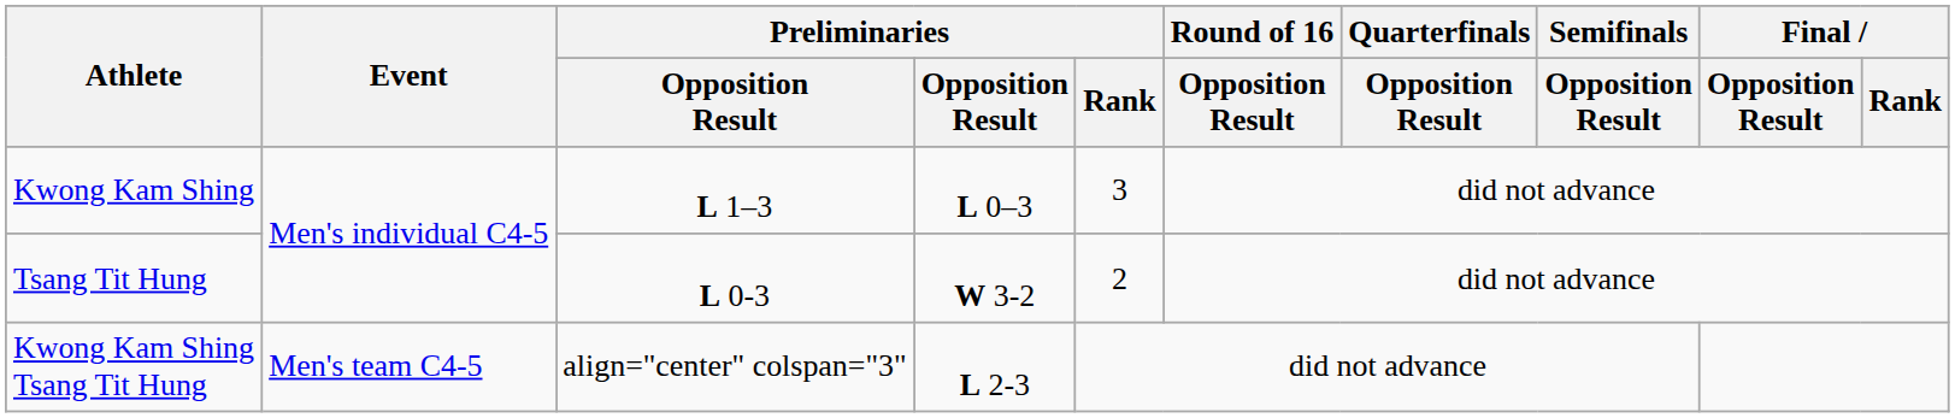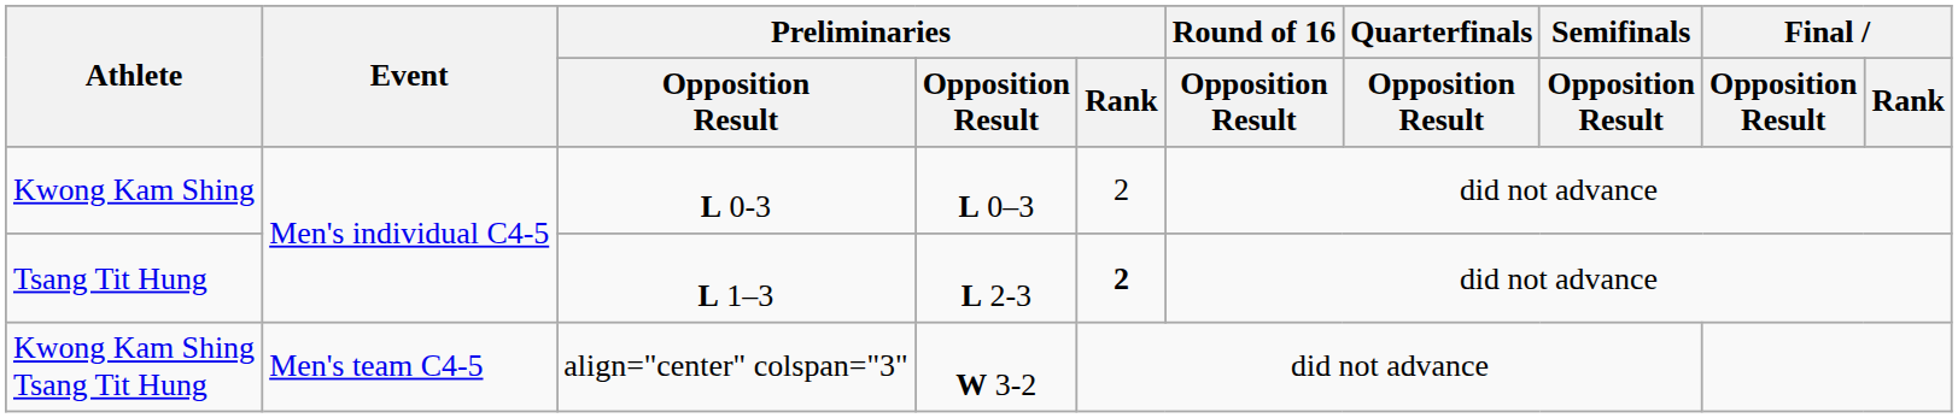 <table class=wikitable style="font-size:90%">
 <tr>
 <th rowspan="2">Athlete</th>
 <th rowspan="2">Event</th>
 <th colspan="3">Preliminaries</th>
 <th>Round of 16</th>
 <th>Quarterfinals</th>
 <th>Semifinals</th>
 <th colspan="2">Final / </th>
 </tr>
 <tr>
 <th>Opposition<br>Result</th>
 <th>Opposition<br>Result</th>
 <th>Rank</th>
 <th>Opposition<br>Result</th>
 <th>Opposition<br>Result</th>
 <th>Opposition<br>Result</th>
 <th>Opposition<br>Result</th>
 <th>Rank</th>
 </tr>
 <tr>
 <td><a href='#'>Kwong Kam Shing</a></td>
 <td rowspan="2"><a href='#'>Men's individual C4-5</a></td>
-<td align="center"><br><strong>L</strong> 1–3</td>
+<td align="center"><br><strong>L</strong> 0-3</td>
 <td align="center"><br><strong>L</strong> 0–3</td>
-<td align="center">3</td>
+<td align="center">2</td>
 <td align="center" colspan="5">did not advance</td>
 </tr>
 <tr>
 <td><a href='#'>Tsang Tit Hung</a></td>
-<td align="center"><br><strong>L</strong> 0-3</td>
-<td align="center"><br><strong>W</strong> 3-2</td>
-<td align="center">2</td>
+<td align="center"><br><strong>L</strong> 1–3</td>
+<td align="center"><br><strong>L</strong> 2-3</td>
+<td align="center"><strong>2</strong></td>
 <td align="center" colspan="5">did not advance</td>
 </tr>
 <tr>
 <td><a href='#'>Kwong Kam Shing</a><br> <a href='#'>Tsang Tit Hung</a></td>
 <td><a href='#'>Men's team C4-5</a></td>
 <td>align="center" colspan="3" </td>
-<td align="center"><br><strong>L</strong> 2-3</td>
+<td align="center"><br><strong>W</strong> 3-2</td>
 <td align="center" colspan="4">did not advance</td>
 </tr>
 </table>
